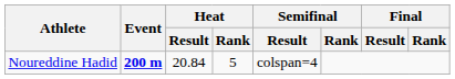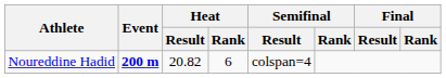 <table class="wikitable">
 <tr>
 <th rowspan="2">Athlete</th>
 <th rowspan="2">Event</th>
 <th colspan="2">Heat</th>
 <th colspan="2">Semifinal</th>
 <th colspan="2">Final</th>
 </tr>
 <tr>
 <th>Result</th>
 <th>Rank</th>
 <th>Result</th>
 <th>Rank</th>
 <th>Result</th>
 <th>Rank</th>
 </tr>
 <tr style=text-align:center>
 <td style=text-align:left><a href='#'>Noureddine Hadid</a></td>
 <td style=text-align:left><strong><a href='#'>200 m</a></strong></td>
-<td>20.84</td>
-<td>5</td>
+<td>20.82</td>
+<td>6</td>
 <td>colspan=4 </td>
 </tr>
 </table>
